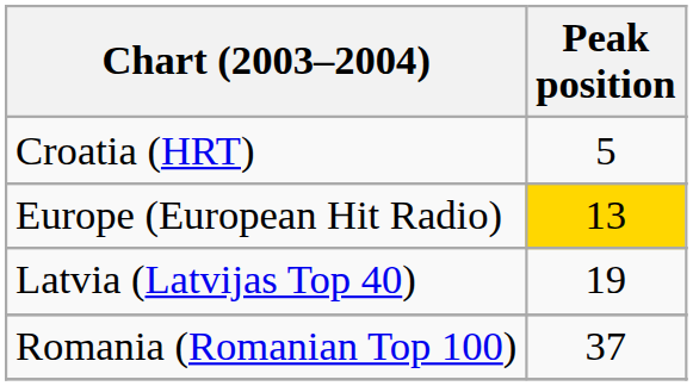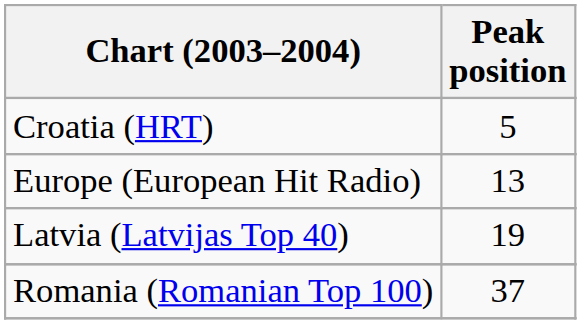 <table class="wikitable sortable">
 <tr>
 <th>Chart (2003–2004)</th>
 <th>Peak<br>position</th>
 </tr>
 <tr>
 </tr>
 <tr>
 </tr>
 <tr>
 </tr>
 <tr>
 </tr>
 <tr>
 <td>Croatia (<a href='#'>HRT</a>)</td>
 <td align="center">5</td>
 </tr>
 <tr>
 </tr>
 <tr>
 <td>Europe (European Hit Radio)</td>
-<td align="center" style="background: gold;">13</td>
+<td align="center">13</td>
 </tr>
 <tr>
 </tr>
 <tr>
 </tr>
 <tr>
 </tr>
 <tr>
 </tr>
 <tr>
 <td>Latvia (<a href='#'>Latvijas Top 40</a>)</td>
 <td align="center">19</td>
 </tr>
 <tr>
 </tr>
 <tr>
 </tr>
 <tr>
 </tr>
 <tr>
 <td>Romania (<a href='#'>Romanian Top 100</a>)</td>
 <td style="text-align:center;">37</td>
 </tr>
 <tr>
 </tr>
 <tr>
 </tr>
 <tr>
 </tr>
 <tr>
 </tr>
 <tr>
 </tr>
 <tr>
 </tr>
 </table>
